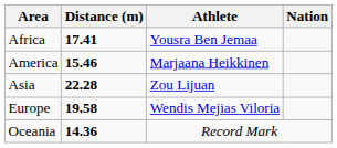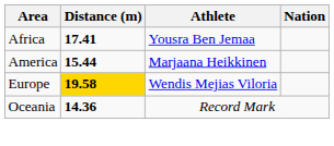 <table class="wikitable">
 <tr>
 <th>Area</th>
 <th>Distance (m)</th>
 <th>Athlete</th>
 <th>Nation</th>
 </tr>
 <tr>
 <td>Africa</td>
 <td><strong>17.41</strong></td>
 <td><a href='#'>Yousra Ben Jemaa</a></td>
 <td></td>
 </tr>
 <tr>
 <td>America</td>
-<td><strong>15.46</strong></td>
+<td><strong>15.44</strong></td>
 <td><a href='#'>Marjaana Heikkinen</a></td>
 <td></td>
 </tr>
 <tr>
-<td>Asia</td>
-<td><strong>22.28</strong> </td>
-<td><a href='#'>Zou Lijuan</a></td>
-<td></td>
-</tr>
-<tr>
 <td>Europe</td>
-<td><strong>19.58</strong></td>
+<td style="background: gold;"><strong>19.58</strong></td>
 <td><a href='#'>Wendis Mejias Viloria</a></td>
 <td></td>
 </tr>
 <tr>
 <td>Oceania</td>
 <td><strong>14.36</strong></td>
 <td colspan="2" align="center"><em>Record Mark</em></td>
 </tr>
 </table>
